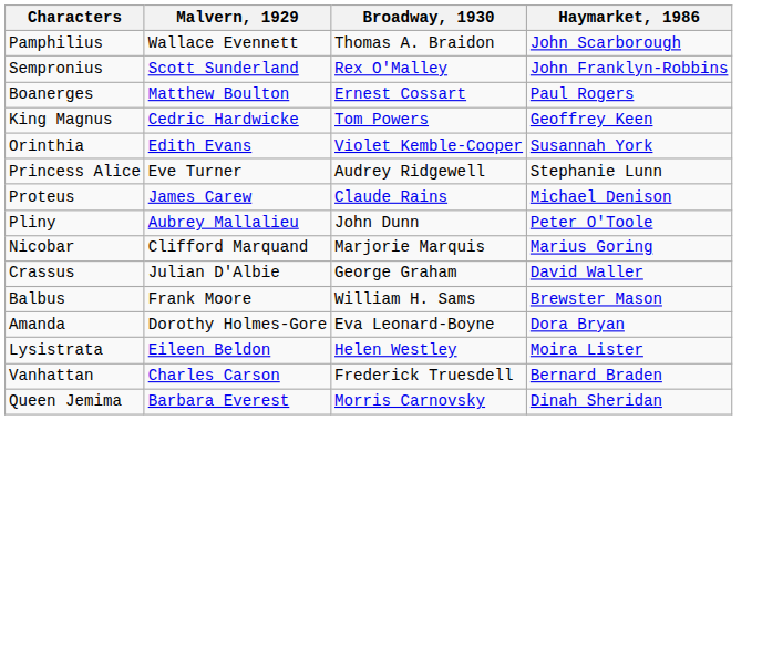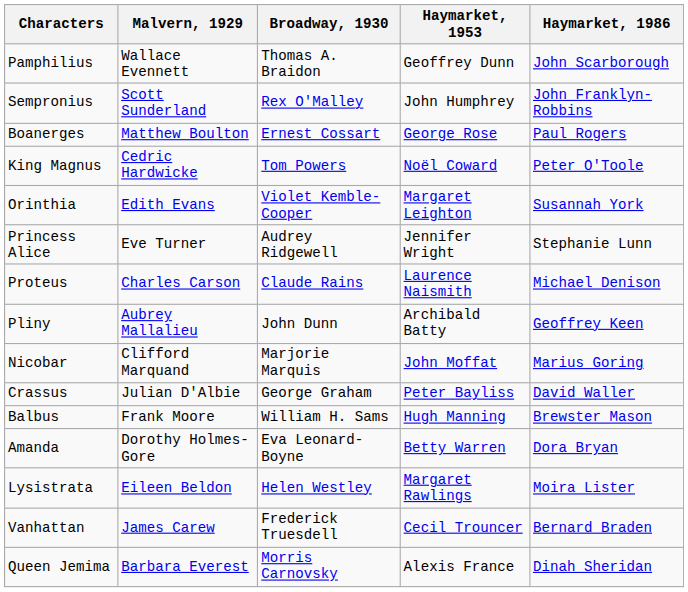 <table class="wikitable plainrowheaders" style="text-align: left; margin-right: 0;">
 <tr>
 <th scope="col" >Characters</th>
 <th scope="col">Malvern, 1929</th>
 <th scope="col">Broadway, 1930</th>
+<th scope="col">Haymarket, 1953</th>
 <th scope="col">Haymarket, 1986</th>
 </tr>
 <tr>
 <td>Pamphilius</td>
 <td>Wallace Evennett</td>
 <td>Thomas A. Braidon</td>
+<td>Geoffrey Dunn</td>
 <td><a href='#'>John Scarborough</a></td>
 </tr>
 <tr>
 <td>Sempronius</td>
 <td><a href='#'>Scott Sunderland</a></td>
 <td><a href='#'>Rex O'Malley</a></td>
+<td>John Humphrey</td>
 <td><a href='#'>John Franklyn-Robbins</a></td>
 </tr>
 <tr>
 <td>Boanerges</td>
 <td><a href='#'>Matthew Boulton</a></td>
 <td><a href='#'>Ernest Cossart</a></td>
+<td><a href='#'>George Rose</a></td>
 <td><a href='#'>Paul Rogers</a></td>
 </tr>
 <tr>
 <td>King Magnus</td>
 <td><a href='#'>Cedric Hardwicke</a></td>
 <td><a href='#'>Tom Powers</a></td>
-<td><a href='#'>Geoffrey Keen</a></td>
+<td><a href='#'>Noël Coward</a></td>
+<td><a href='#'>Peter O'Toole</a></td>
 </tr>
 <tr>
 <td>Orinthia</td>
 <td><a href='#'>Edith Evans</a></td>
 <td><a href='#'>Violet Kemble-Cooper</a></td>
+<td><a href='#'>Margaret Leighton</a></td>
 <td><a href='#'>Susannah York</a></td>
 </tr>
 <tr>
 <td>Princess Alice</td>
 <td>Eve Turner</td>
 <td>Audrey Ridgewell</td>
+<td>Jennifer Wright</td>
 <td>Stephanie Lunn</td>
 </tr>
 <tr>
 <td>Proteus</td>
-<td><a href='#'>James Carew</a></td>
+<td><a href='#'>Charles Carson</a></td>
 <td><a href='#'>Claude Rains</a></td>
+<td><a href='#'>Laurence Naismith</a></td>
 <td><a href='#'>Michael Denison</a></td>
 </tr>
 <tr>
 <td>Pliny</td>
 <td><a href='#'>Aubrey Mallalieu</a></td>
 <td>John Dunn</td>
-<td><a href='#'>Peter O'Toole</a></td>
+<td>Archibald Batty</td>
+<td><a href='#'>Geoffrey Keen</a></td>
 </tr>
 <tr>
 <td>Nicobar</td>
 <td>Clifford Marquand</td>
 <td>Marjorie Marquis</td>
+<td><a href='#'>John Moffat</a></td>
 <td><a href='#'>Marius Goring</a></td>
 </tr>
 <tr>
 <td>Crassus</td>
 <td>Julian D'Albie</td>
 <td>George Graham</td>
+<td><a href='#'>Peter Bayliss</a></td>
 <td><a href='#'>David Waller</a></td>
 </tr>
 <tr>
 <td>Balbus</td>
 <td>Frank Moore</td>
 <td>William H. Sams</td>
+<td><a href='#'>Hugh Manning</a></td>
 <td><a href='#'>Brewster Mason</a></td>
 </tr>
 <tr>
 <td>Amanda</td>
 <td>Dorothy Holmes-Gore</td>
 <td>Eva Leonard-Boyne</td>
+<td><a href='#'>Betty Warren</a></td>
 <td><a href='#'>Dora Bryan</a></td>
 </tr>
 <tr>
 <td>Lysistrata</td>
 <td><a href='#'>Eileen Beldon</a></td>
 <td><a href='#'>Helen Westley</a></td>
+<td><a href='#'>Margaret Rawlings</a></td>
 <td><a href='#'>Moira Lister</a></td>
 </tr>
 <tr>
 <td>Vanhattan</td>
-<td><a href='#'>Charles Carson</a></td>
+<td><a href='#'>James Carew</a></td>
 <td>Frederick Truesdell</td>
+<td><a href='#'>Cecil Trouncer</a></td>
 <td><a href='#'>Bernard Braden</a></td>
 </tr>
 <tr>
 <td>Queen Jemima</td>
 <td><a href='#'>Barbara Everest</a></td>
 <td><a href='#'>Morris Carnovsky</a></td>
+<td>Alexis France</td>
 <td><a href='#'>Dinah Sheridan</a></td>
 </tr>
 </table>
